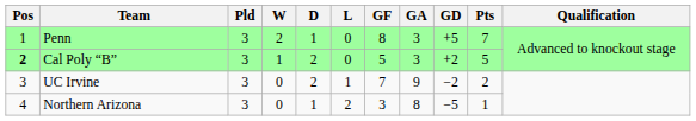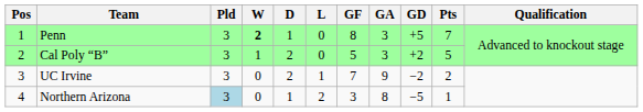 <table class="wikitable" style="text-align:center; margin: 1em auto">
 <tr>
 <th style=width:2em>Pos</th>
 <th style=width:13em>Team</th>
 <th style=width:2em>Pld</th>
 <th style=width:2em>W</th>
 <th style=width:2em>D</th>
 <th style=width:2em>L</th>
 <th style=width:2em>GF</th>
 <th style=width:2em>GA</th>
 <th style=width:2em>GD</th>
 <th style=width:2em>Pts</th>
 <th style=width:13em>Qualification</th>
 </tr>
 <tr bgcolor="#9eff9e">
 <td>1</td>
 <td style="text-align:left">Penn</td>
 <td>3</td>
-<td>2</td>
+<td><strong>2</strong></td>
 <td>1</td>
 <td>0</td>
 <td>8</td>
 <td>3</td>
 <td>+5</td>
 <td>7</td>
 <td rowspan="2">Advanced to knockout stage</td>
 </tr>
 <tr bgcolor="#9eff9e">
-<td><strong>2</strong></td>
+<td>2</td>
 <td style="text-align:left">Cal Poly “B”</td>
 <td>3</td>
 <td>1</td>
 <td>2</td>
 <td>0</td>
 <td>5</td>
 <td>3</td>
 <td>+2</td>
 <td>5</td>
 </tr>
 <tr>
 <td>3</td>
 <td style="text-align:left">UC Irvine</td>
 <td>3</td>
 <td>0</td>
 <td>2</td>
 <td>1</td>
 <td>7</td>
 <td>9</td>
 <td>−2</td>
 <td>2</td>
 </tr>
 <tr>
 <td>4</td>
 <td style="text-align:left">Northern Arizona</td>
-<td>3</td>
+<td style="background: lightblue;">3</td>
 <td>0</td>
 <td>1</td>
 <td>2</td>
 <td>3</td>
 <td>8</td>
 <td>−5</td>
 <td>1</td>
 </tr>
 </table>
